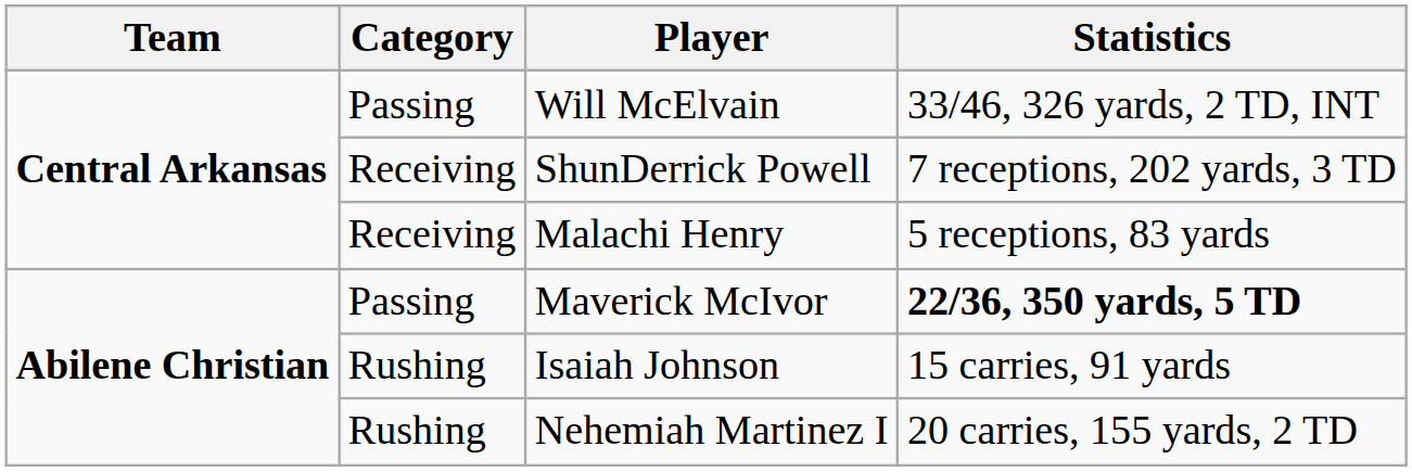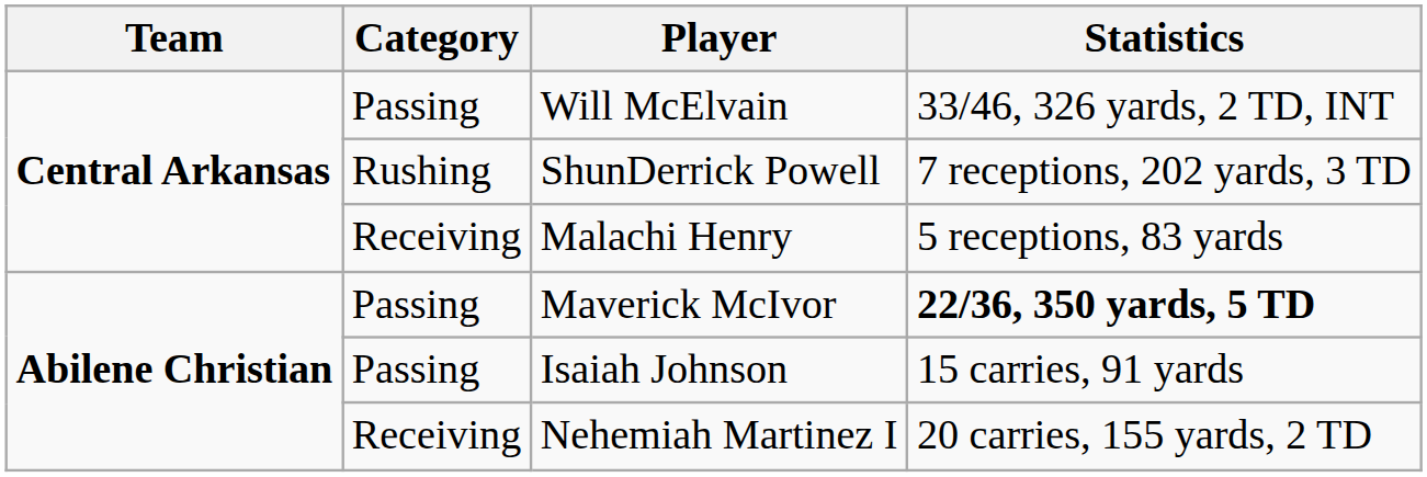 <table class="wikitable" style="float: right;">
 <tr>
 <th>Team</th>
 <th>Category</th>
 <th>Player</th>
 <th>Statistics</th>
 </tr>
 <tr>
 <td rowspan=3><strong>Central Arkansas</strong></td>
 <td>Passing</td>
 <td>Will McElvain</td>
 <td>33/46, 326 yards, 2 TD, INT</td>
 </tr>
 <tr>
-<td>Receiving</td>
+<td>Rushing</td>
 <td>ShunDerrick Powell</td>
 <td>7 receptions, 202 yards, 3 TD</td>
 </tr>
 <tr>
 <td>Receiving</td>
 <td>Malachi Henry</td>
 <td>5 receptions, 83 yards</td>
 </tr>
 <tr>
 <td rowspan=3><strong>Abilene Christian</strong></td>
 <td>Passing</td>
 <td>Maverick McIvor</td>
 <td><strong>22/36, 350 yards, 5 TD</strong></td>
 </tr>
 <tr>
-<td>Rushing</td>
+<td>Passing</td>
 <td>Isaiah Johnson</td>
 <td>15 carries, 91 yards</td>
 </tr>
 <tr>
-<td>Rushing</td>
+<td>Receiving</td>
 <td>Nehemiah Martinez I</td>
 <td>20 carries, 155 yards, 2 TD</td>
 </tr>
 </table>
